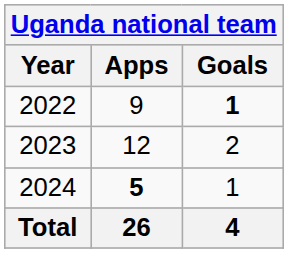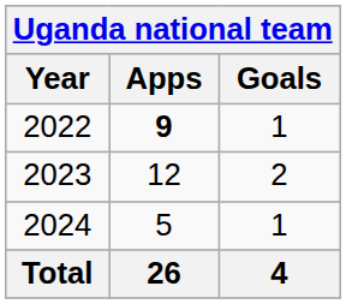 <table class="wikitable" style="text-align:center">
 <tr>
 <th colspan=4><a href='#'>Uganda national team</a></th>
 </tr>
 <tr>
 <th>Year</th>
 <th>Apps</th>
 <th>Goals</th>
 </tr>
 <tr>
 <td>2022</td>
-<td>9</td>
-<td><strong>1</strong></td>
+<td><strong>9</strong></td>
+<td>1</td>
 </tr>
 <tr>
 <td>2023</td>
 <td>12</td>
 <td>2</td>
 </tr>
 <tr>
 <td>2024</td>
-<td><strong>5</strong></td>
+<td>5</td>
 <td>1</td>
 </tr>
 <tr>
 <th>Total</th>
 <th>26</th>
 <th>4</th>
 </tr>
 </table>
